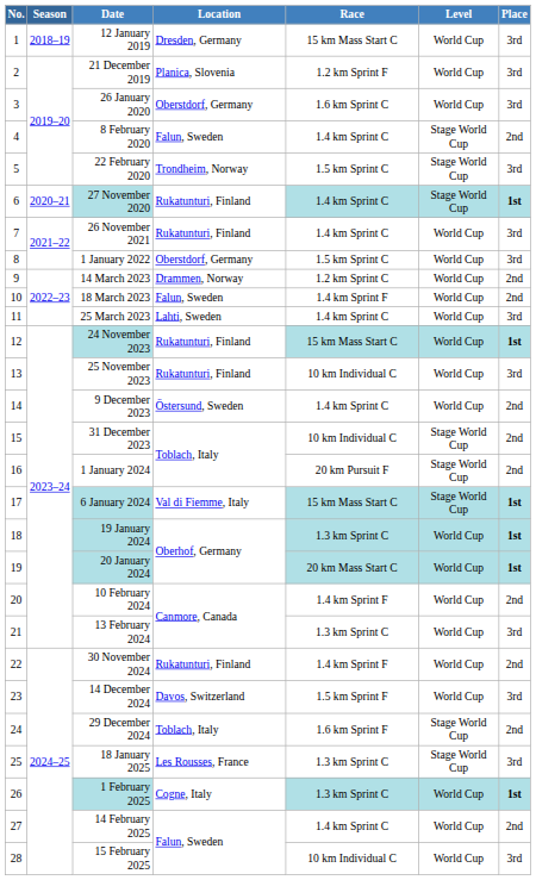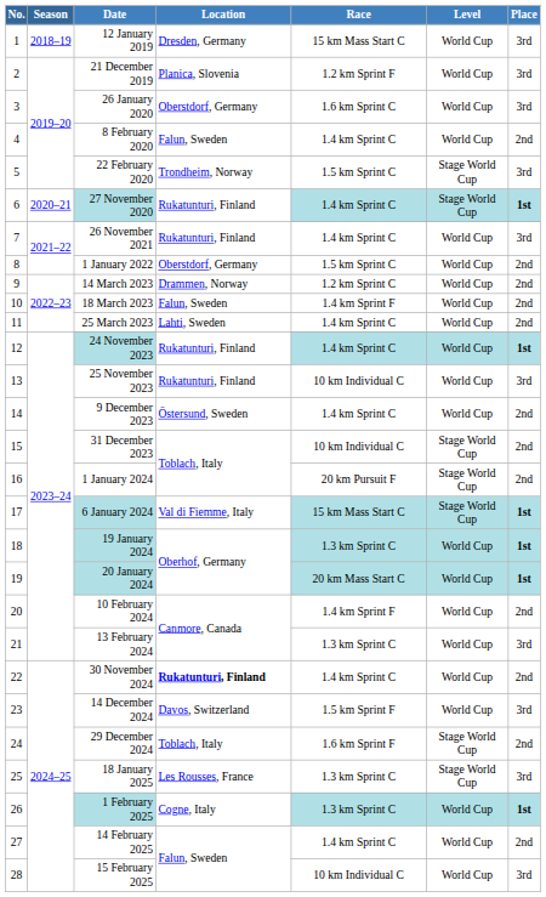 <table class="wikitable sortable" style="font-size:95%; text-align:center; border:grey solid 1px; border-collapse:collapse; background:#ffffff;">
 <tr style="background:#efefef;">
 <th style="background-color:#369; color:white;">No.</th>
 <th style="background-color:#369; color:white;">Season</th>
 <th style="background-color:#4180be; color:white; width:100px;">Date</th>
 <th style="background-color:#4180be; color:white; width:170px;">Location</th>
 <th style="background-color:#4180be; color:white; width:170px;">Race</th>
 <th style="background-color:#4180be; color:white; width:100px;">Level</th>
 <th style="background-color:#4180be; color:white;">Place</th>
 </tr>
 <tr>
 <td align=center>1</td>
 <td align=center><a href='#'>2018–19</a></td>
 <td align=right>12 January 2019</td>
 <td align=left> <a href='#'>Dresden</a>, Germany</td>
 <td>15 km Mass Start C</td>
 <td>World Cup</td>
 <td>3rd</td>
 </tr>
 <tr>
 <td align=center>2</td>
 <td rowspan=4 align=center><a href='#'>2019–20</a></td>
 <td align=right>21 December 2019</td>
 <td align=left> <a href='#'>Planica</a>, Slovenia</td>
 <td>1.2 km Sprint F</td>
 <td>World Cup</td>
 <td>3rd</td>
 </tr>
 <tr>
 <td align=center>3</td>
 <td align=right>26 January 2020</td>
 <td align=left> <a href='#'>Oberstdorf</a>, Germany</td>
 <td>1.6 km Sprint C</td>
 <td>World Cup</td>
 <td>3rd</td>
 </tr>
 <tr>
 <td align=center>4</td>
 <td align=right>8 February 2020</td>
 <td align=left> <a href='#'>Falun</a>, Sweden</td>
 <td>1.4 km Sprint C</td>
-<td>Stage World Cup</td>
+<td>World Cup</td>
 <td>2nd</td>
 </tr>
 <tr>
 <td align=center>5</td>
 <td align=right>22 February 2020</td>
 <td align=left> <a href='#'>Trondheim</a>, Norway</td>
 <td>1.5 km Sprint C</td>
 <td>Stage World Cup</td>
 <td>3rd</td>
 </tr>
 <tr>
 <td align=center>6</td>
 <td align=center><a href='#'>2020–21</a></td>
 <td bgcolor="#BOEOE6" align=right>27 November 2020</td>
 <td align=left> <a href='#'>Rukatunturi</a>, Finland</td>
 <td bgcolor="#BOEOE6">1.4 km Sprint C</td>
 <td bgcolor="#BOEOE6">Stage World Cup</td>
 <td bgcolor="#BOEOE6"><strong>1st</strong></td>
 </tr>
 <tr>
 <td align=center>7</td>
 <td rowspan=2 align=center><a href='#'>2021–22</a></td>
 <td align=right>26 November 2021</td>
 <td align=left> <a href='#'>Rukatunturi</a>, Finland</td>
 <td>1.4 km Sprint C</td>
 <td>World Cup</td>
 <td>3rd</td>
 </tr>
 <tr>
 <td align=center>8</td>
 <td align=right>1 January 2022</td>
 <td align=left> <a href='#'>Oberstdorf</a>, Germany</td>
 <td>1.5 km Sprint C</td>
 <td>World Cup</td>
-<td>3rd</td>
+<td>2nd</td>
 </tr>
 <tr>
 <td align=center>9</td>
 <td rowspan=3 align=center><a href='#'>2022–23</a></td>
 <td align=right>14 March 2023</td>
 <td align=left> <a href='#'>Drammen</a>, Norway</td>
 <td>1.2 km Sprint C</td>
 <td>World Cup</td>
 <td>2nd</td>
 </tr>
 <tr>
 <td align=center>10</td>
 <td align=right>18 March 2023</td>
 <td align=left> <a href='#'>Falun</a>, Sweden</td>
 <td>1.4 km Sprint F</td>
 <td>World Cup</td>
 <td>2nd</td>
 </tr>
 <tr>
 <td align=center>11</td>
 <td align=right>25 March 2023</td>
 <td align=left> <a href='#'>Lahti</a>, Sweden</td>
 <td>1.4 km Sprint C</td>
 <td>World Cup</td>
-<td>3rd</td>
+<td>2nd</td>
 </tr>
 <tr>
 <td align=center>12</td>
 <td rowspan=10 align=center><a href='#'>2023–24</a></td>
 <td bgcolor="#BOEOE6" align=right>24 November 2023</td>
 <td align=left> <a href='#'>Rukatunturi</a>, Finland</td>
-<td bgcolor="#BOEOE6">15 km Mass Start C</td>
+<td bgcolor="#BOEOE6">1.4 km Sprint C</td>
 <td bgcolor="#BOEOE6">World Cup</td>
 <td bgcolor="#BOEOE6"><strong>1st</strong></td>
 </tr>
 <tr>
 <td align=center>13</td>
 <td align=right>25 November 2023</td>
 <td align=left> <a href='#'>Rukatunturi</a>, Finland</td>
 <td>10 km Individual C</td>
 <td>World Cup</td>
 <td>3rd</td>
 </tr>
 <tr>
 <td align=center>14</td>
 <td align=right>9 December 2023</td>
 <td align=left> <a href='#'>Östersund</a>, Sweden</td>
 <td>1.4 km Sprint C</td>
 <td>World Cup</td>
 <td>2nd</td>
 </tr>
 <tr>
 <td align=center>15</td>
 <td align=right>31 December 2023</td>
 <td rowspan=2 align=left> <a href='#'>Toblach</a>, Italy</td>
 <td>10 km Individual C</td>
 <td>Stage World Cup</td>
 <td>2nd</td>
 </tr>
 <tr>
 <td align=center>16</td>
 <td align=right>1 January 2024</td>
 <td>20 km Pursuit F</td>
 <td>Stage World Cup</td>
 <td>2nd</td>
 </tr>
 <tr>
 <td align=center>17</td>
 <td bgcolor="#BOEOE6" align=right>6 January 2024</td>
 <td align=left> <a href='#'>Val di Fiemme</a>, Italy</td>
 <td bgcolor="#BOEOE6">15 km Mass Start C</td>
 <td bgcolor="#BOEOE6">Stage World Cup</td>
 <td bgcolor="#BOEOE6"><strong>1st</strong></td>
 </tr>
 <tr>
 <td align=center>18</td>
 <td bgcolor="#BOEOE6" align=right>19 January 2024</td>
 <td rowspan=2 align=left> <a href='#'>Oberhof</a>, Germany</td>
 <td bgcolor="#BOEOE6">1.3 km Sprint C</td>
 <td bgcolor="#BOEOE6">World Cup</td>
 <td bgcolor="#BOEOE6"><strong>1st</strong></td>
 </tr>
 <tr>
 <td align=center>19</td>
 <td bgcolor="#BOEOE6" align=right>20 January 2024</td>
 <td bgcolor="#BOEOE6">20 km Mass Start C</td>
 <td bgcolor="#BOEOE6">World Cup</td>
 <td bgcolor="#BOEOE6"><strong>1st</strong></td>
 </tr>
 <tr>
 <td align=center>20</td>
 <td align=right>10 February 2024</td>
 <td rowspan=2 align=left> <a href='#'>Canmore</a>, Canada</td>
 <td>1.4 km Sprint F</td>
 <td>World Cup</td>
 <td>2nd</td>
 </tr>
 <tr>
 <td align=center>21</td>
 <td align=right>13 February 2024</td>
 <td>1.3 km Sprint C</td>
 <td>World Cup</td>
 <td>3rd</td>
 </tr>
 <tr>
 <td align=center>22</td>
 <td rowspan=7 align=center><a href='#'>2024–25</a></td>
 <td align=right>30 November 2024</td>
-<td align=left> <a href='#'>Rukatunturi</a>, Finland</td>
-<td>1.4 km Sprint F</td>
+<td align=left><strong> <a href='#'>Rukatunturi</a>, Finland</strong></td>
+<td>1.4 km Sprint C</td>
 <td>World Cup</td>
 <td>2nd</td>
 </tr>
 <tr>
 <td align=center>23</td>
 <td align=right>14 December 2024</td>
 <td align=left> <a href='#'>Davos</a>, Switzerland</td>
 <td>1.5 km Sprint F</td>
 <td>World Cup</td>
 <td>3rd</td>
 </tr>
 <tr>
 <td align=center>24</td>
 <td align=right>29 December 2024</td>
 <td rowspan=1 align=left> <a href='#'>Toblach</a>, Italy</td>
 <td>1.6 km Sprint F</td>
 <td>Stage World Cup</td>
 <td>2nd</td>
 </tr>
 <tr>
 <td align=center>25</td>
 <td align=right>18 January 2025</td>
 <td align=left> <a href='#'>Les Rousses</a>, France</td>
 <td>1.3 km Sprint C</td>
 <td>Stage World Cup</td>
 <td>3rd</td>
 </tr>
 <tr>
 <td align=center>26</td>
 <td bgcolor="#BOEOE6" align=right>1 February 2025</td>
 <td align=left> <a href='#'>Cogne</a>, Italy</td>
 <td bgcolor="#BOEOE6">1.3 km Sprint C</td>
 <td bgcolor="#BOEOE6">World Cup</td>
 <td bgcolor="#BOEOE6"><strong>1st</strong></td>
 </tr>
 <tr>
 <td align=center>27</td>
 <td align=right>14 February 2025</td>
 <td rowspan=2 align=left> <a href='#'>Falun</a>, Sweden</td>
 <td>1.4 km Sprint C</td>
 <td>World Cup</td>
 <td>2nd</td>
 </tr>
 <tr>
 <td align=center>28</td>
 <td align=right>15 February 2025</td>
 <td>10 km Individual C</td>
 <td>World Cup</td>
 <td>3rd</td>
 </tr>
 </table>
